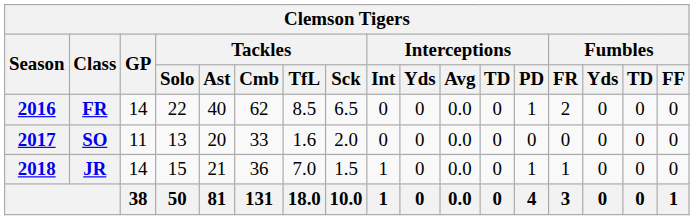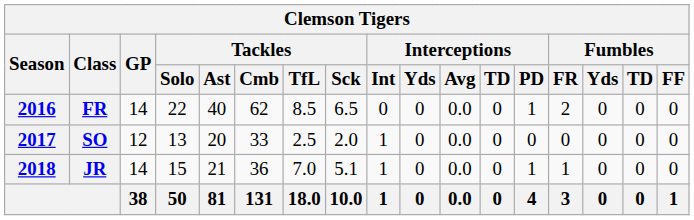 <table class="wikitable" style="text-align:center;">
 <tr>
 <th colspan="17">Clemson Tigers</th>
 </tr>
 <tr>
 <th rowspan="2">Season</th>
 <th rowspan="2">Class</th>
 <th rowspan="2">GP</th>
 <th colspan="5">Tackles</th>
 <th colspan="5">Interceptions</th>
 <th colspan="4">Fumbles</th>
 </tr>
 <tr>
 <th>Solo</th>
 <th>Ast</th>
 <th>Cmb</th>
 <th>TfL</th>
 <th>Sck</th>
 <th>Int</th>
 <th>Yds</th>
 <th>Avg</th>
 <th>TD</th>
 <th>PD</th>
 <th>FR</th>
 <th>Yds</th>
 <th>TD</th>
 <th>FF</th>
 </tr>
 <tr>
 <th><a href='#'>2016</a></th>
 <th><a href='#'>FR</a></th>
 <td>14</td>
 <td>22</td>
 <td>40</td>
 <td>62</td>
 <td>8.5</td>
 <td>6.5</td>
 <td>0</td>
 <td>0</td>
 <td>0.0</td>
 <td>0</td>
 <td>1</td>
 <td>2</td>
 <td>0</td>
 <td>0</td>
 <td>0</td>
 </tr>
 <tr>
 <th><a href='#'>2017</a></th>
 <th><a href='#'>SO</a></th>
-<td>11</td>
+<td>12</td>
 <td>13</td>
 <td>20</td>
 <td>33</td>
-<td>1.6</td>
+<td>2.5</td>
 <td>2.0</td>
-<td>0</td>
+<td>1</td>
 <td>0</td>
 <td>0.0</td>
 <td>0</td>
 <td>0</td>
 <td>0</td>
 <td>0</td>
 <td>0</td>
 <td>0</td>
 </tr>
 <tr>
 <th><a href='#'>2018</a></th>
 <th><a href='#'>JR</a></th>
 <td>14</td>
 <td>15</td>
 <td>21</td>
 <td>36</td>
 <td>7.0</td>
-<td>1.5</td>
+<td>5.1</td>
 <td>1</td>
 <td>0</td>
 <td>0.0</td>
 <td>0</td>
 <td>1</td>
 <td>1</td>
 <td>0</td>
 <td>0</td>
 <td>0</td>
 </tr>
 <tr>
 <th colspan="2"></th>
 <th>38</th>
 <th>50</th>
 <th>81</th>
 <th>131</th>
 <th>18.0</th>
 <th>10.0</th>
 <th>1</th>
 <th>0</th>
 <th>0.0</th>
 <th>0</th>
 <th>4</th>
 <th>3</th>
 <th>0</th>
 <th>0</th>
 <th>1</th>
 </tr>
 </table>
